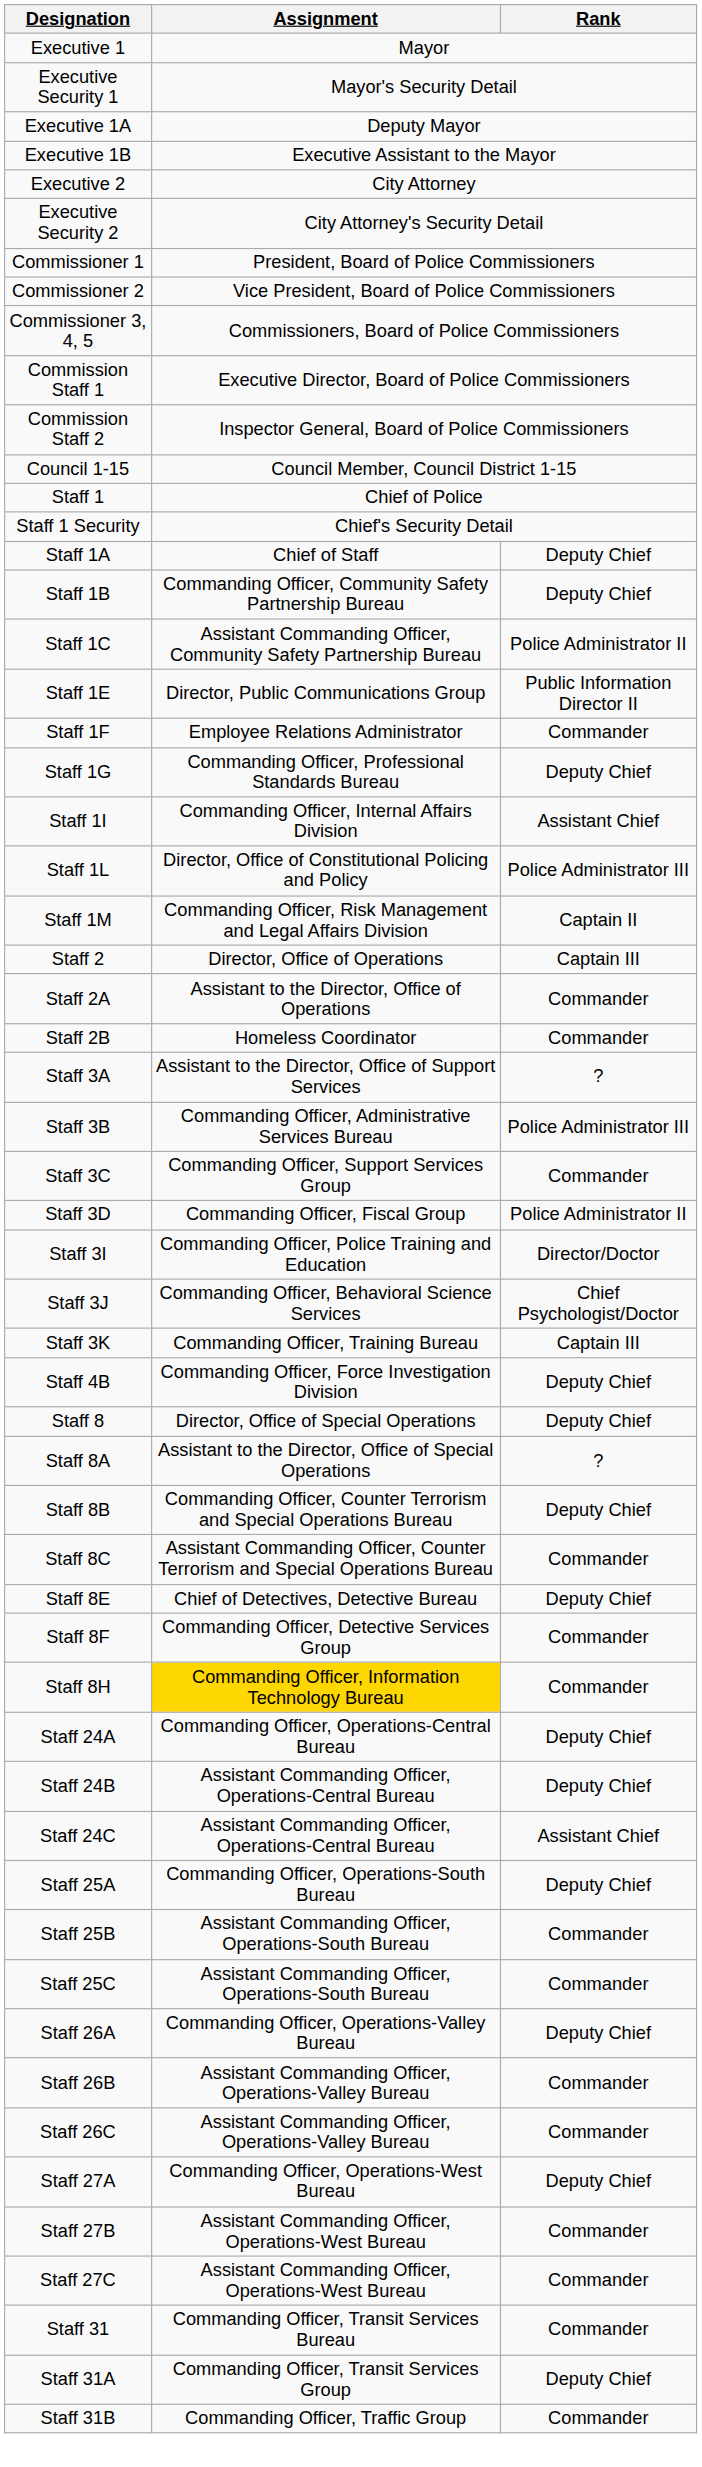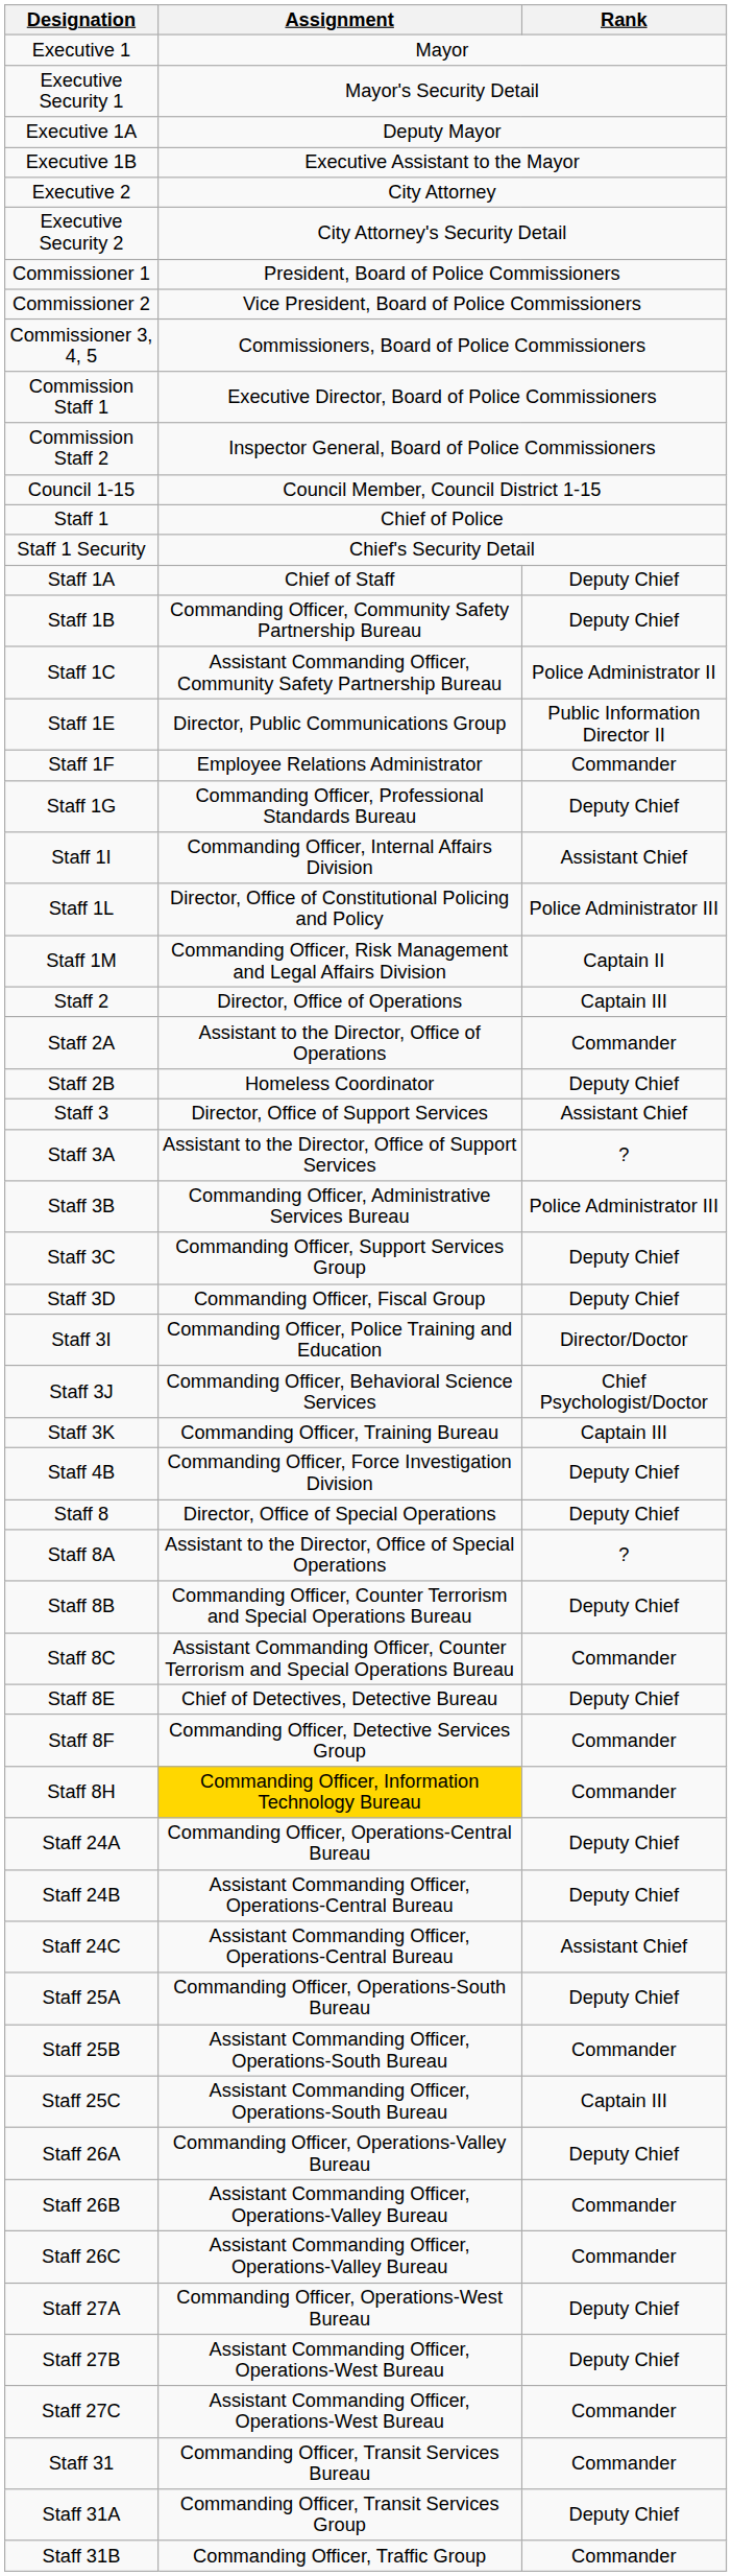 <table class="wikitable" style="text-align:center;">
 <tr style="font-weight:bold; text-decoration:underline;">
 <th>Designation</th>
 <th>Assignment</th>
 <th>Rank</th>
 </tr>
 <tr>
 <td>Executive 1</td>
 <td colspan="2">Mayor</td>
 </tr>
 <tr>
 <td>Executive Security 1</td>
 <td colspan="2">Mayor's Security Detail</td>
 </tr>
 <tr>
 <td>Executive 1A</td>
 <td colspan="2">Deputy Mayor</td>
 </tr>
 <tr>
 <td>Executive 1B</td>
 <td colspan="2">Executive Assistant to the Mayor</td>
 </tr>
 <tr>
 <td>Executive 2</td>
 <td colspan="2">City Attorney</td>
 </tr>
 <tr>
 <td>Executive Security 2</td>
 <td colspan="2">City Attorney's Security Detail</td>
 </tr>
 <tr>
 <td>Commissioner 1</td>
 <td colspan="2">President, Board of Police Commissioners</td>
 </tr>
 <tr>
 <td>Commissioner 2</td>
 <td colspan="2">Vice President, Board of Police Commissioners</td>
 </tr>
 <tr>
 <td>Commissioner 3, 4, 5</td>
 <td colspan="2">Commissioners, Board of Police Commissioners</td>
 </tr>
 <tr>
 <td>Commission Staff 1</td>
 <td colspan="2">Executive Director, Board of Police Commissioners</td>
 </tr>
 <tr>
 <td>Commission Staff 2</td>
 <td colspan="2">Inspector General, Board of Police Commissioners</td>
 </tr>
 <tr>
 <td>Council 1-15</td>
 <td colspan="2">Council Member, Council District 1-15</td>
 </tr>
 <tr>
 <td>Staff 1</td>
 <td colspan="2">Chief of Police</td>
 </tr>
 <tr>
 <td>Staff 1 Security</td>
 <td colspan="2">Chief's Security Detail</td>
 </tr>
 <tr>
 <td>Staff 1A</td>
 <td>Chief of Staff</td>
 <td>Deputy Chief</td>
 </tr>
 <tr>
 <td>Staff 1B</td>
 <td>Commanding Officer, Community Safety Partnership Bureau</td>
 <td>Deputy Chief</td>
 </tr>
 <tr>
 <td>Staff 1C</td>
 <td>Assistant Commanding Officer, Community Safety Partnership Bureau</td>
 <td>Police Administrator II</td>
 </tr>
 <tr>
 <td>Staff 1E</td>
 <td>Director, Public Communications Group</td>
 <td>Public Information Director II</td>
 </tr>
 <tr>
 <td>Staff 1F</td>
 <td>Employee Relations Administrator</td>
 <td>Commander</td>
 </tr>
 <tr>
 <td>Staff 1G</td>
 <td>Commanding Officer, Professional Standards Bureau</td>
 <td>Deputy Chief</td>
 </tr>
 <tr>
 <td>Staff 1I</td>
 <td>Commanding Officer, Internal Affairs Division</td>
 <td>Assistant Chief</td>
 </tr>
 <tr>
 <td>Staff 1L</td>
 <td>Director, Office of Constitutional Policing and Policy</td>
 <td>Police Administrator III</td>
 </tr>
 <tr>
 <td>Staff 1M</td>
 <td>Commanding Officer, Risk Management and Legal Affairs Division</td>
 <td>Captain II</td>
 </tr>
 <tr>
 <td>Staff 2</td>
 <td>Director, Office of Operations</td>
 <td>Captain III</td>
 </tr>
 <tr>
 <td>Staff 2A</td>
 <td>Assistant to the Director, Office of Operations</td>
 <td>Commander</td>
 </tr>
 <tr>
 <td>Staff 2B</td>
 <td>Homeless Coordinator</td>
-<td>Commander</td>
+<td>Deputy Chief</td>
+</tr>
+<tr>
+<td>Staff 3</td>
+<td>Director, Office of Support Services</td>
+<td>Assistant Chief</td>
 </tr>
 <tr>
 <td>Staff 3A</td>
 <td>Assistant to the Director, Office of Support Services</td>
 <td>?</td>
 </tr>
 <tr>
 <td>Staff 3B</td>
 <td>Commanding Officer, Administrative Services Bureau</td>
 <td>Police Administrator III</td>
 </tr>
 <tr>
 <td>Staff 3C</td>
 <td>Commanding Officer, Support Services Group</td>
-<td>Commander</td>
+<td>Deputy Chief</td>
 </tr>
 <tr>
 <td>Staff 3D</td>
 <td>Commanding Officer, Fiscal Group</td>
-<td>Police Administrator II</td>
+<td>Deputy Chief</td>
 </tr>
 <tr>
 <td>Staff 3I</td>
 <td>Commanding Officer, Police Training and Education</td>
 <td>Director/Doctor</td>
 </tr>
 <tr>
 <td>Staff 3J</td>
 <td>Commanding Officer, Behavioral Science Services</td>
 <td>Chief Psychologist/Doctor</td>
 </tr>
 <tr>
 <td>Staff 3K</td>
 <td>Commanding Officer, Training Bureau</td>
 <td>Captain III</td>
 </tr>
 <tr>
 <td>Staff 4B</td>
 <td>Commanding Officer, Force Investigation Division</td>
 <td>Deputy Chief</td>
 </tr>
 <tr>
 <td>Staff 8</td>
 <td>Director, Office of Special Operations</td>
 <td>Deputy Chief</td>
 </tr>
 <tr>
 <td>Staff 8A</td>
 <td>Assistant to the Director, Office of Special Operations</td>
 <td>?</td>
 </tr>
 <tr>
 <td>Staff 8B</td>
 <td>Commanding Officer, Counter Terrorism and Special Operations Bureau</td>
 <td>Deputy Chief</td>
 </tr>
 <tr>
 <td>Staff 8C</td>
 <td>Assistant Commanding Officer, Counter Terrorism and Special Operations Bureau</td>
 <td>Commander</td>
 </tr>
 <tr>
 <td>Staff 8E</td>
 <td>Chief of Detectives, Detective Bureau</td>
 <td>Deputy Chief</td>
 </tr>
 <tr>
 <td>Staff 8F</td>
 <td>Commanding Officer, Detective Services Group</td>
 <td>Commander</td>
 </tr>
 <tr>
 <td>Staff 8H</td>
 <td style="background: gold;">Commanding Officer, Information Technology Bureau</td>
 <td>Commander</td>
 </tr>
 <tr>
 <td>Staff 24A</td>
 <td>Commanding Officer, Operations-Central Bureau</td>
 <td>Deputy Chief</td>
 </tr>
 <tr>
 <td>Staff 24B</td>
 <td>Assistant Commanding Officer, Operations-Central Bureau</td>
 <td>Deputy Chief</td>
 </tr>
 <tr>
 <td>Staff 24C</td>
 <td>Assistant Commanding Officer, Operations-Central Bureau</td>
 <td>Assistant Chief</td>
 </tr>
 <tr>
 <td>Staff 25A</td>
 <td>Commanding Officer, Operations-South Bureau</td>
 <td>Deputy Chief</td>
 </tr>
 <tr>
 <td>Staff 25B</td>
 <td>Assistant Commanding Officer, Operations-South Bureau</td>
 <td>Commander</td>
 </tr>
 <tr>
 <td>Staff 25C</td>
 <td>Assistant Commanding Officer, Operations-South Bureau</td>
-<td>Commander</td>
+<td>Captain III</td>
 </tr>
 <tr>
 <td>Staff 26A</td>
 <td>Commanding Officer, Operations-Valley Bureau</td>
 <td>Deputy Chief</td>
 </tr>
 <tr>
 <td>Staff 26B</td>
 <td>Assistant Commanding Officer, Operations-Valley Bureau</td>
 <td>Commander</td>
 </tr>
 <tr>
 <td>Staff 26C</td>
 <td>Assistant Commanding Officer, Operations-Valley Bureau</td>
 <td>Commander</td>
 </tr>
 <tr>
 <td>Staff 27A</td>
 <td>Commanding Officer, Operations-West Bureau</td>
 <td>Deputy Chief</td>
 </tr>
 <tr>
 <td>Staff 27B</td>
 <td>Assistant Commanding Officer, Operations-West Bureau</td>
-<td>Commander</td>
+<td>Deputy Chief</td>
 </tr>
 <tr>
 <td>Staff 27C</td>
 <td>Assistant Commanding Officer, Operations-West Bureau</td>
 <td>Commander</td>
 </tr>
 <tr>
 <td>Staff 31</td>
 <td>Commanding Officer, Transit Services Bureau</td>
 <td>Commander</td>
 </tr>
 <tr>
 <td>Staff 31A</td>
 <td>Commanding Officer, Transit Services Group</td>
 <td>Deputy Chief</td>
 </tr>
 <tr>
 <td>Staff 31B</td>
 <td>Commanding Officer, Traffic Group</td>
 <td>Commander</td>
 </tr>
 </table>
